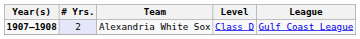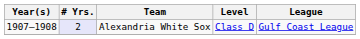 <table class="wikitable" style="text-align:center; font-size: 95%;">
 <tr>
 <th>Year(s)</th>
 <th># Yrs.</th>
 <th>Team</th>
 <th>Level</th>
 <th>League</th>
 </tr>
 <tr>
-<td><strong>1907–1908</strong></td>
+<td>1907–1908</td>
 <td style="background: lavender;">2</td>
 <td>Alexandria White Sox</td>
 <td><a href='#'>Class D</a></td>
 <td><a href='#'>Gulf Coast League</a></td>
 </tr>
 <tr>
 </tr>
 </table>
